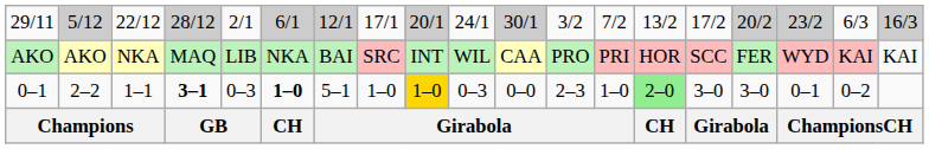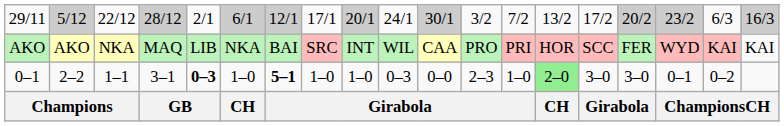 <table class="wikitable" style="font-size: 74%; text-align:center">
 <tr>
 <td>29/11</td>
 <td bgcolor=#cccccc>5/12</td>
 <td>22/12</td>
 <td bgcolor=#cccccc>28/12</td>
 <td>2/1</td>
 <td bgcolor=#cccccc>6/1</td>
 <td bgcolor=#cccccc>12/1</td>
 <td>17/1</td>
 <td bgcolor=#cccccc>20/1</td>
 <td>24/1</td>
 <td bgcolor=#cccccc>30/1</td>
 <td>3/2</td>
 <td>7/2</td>
 <td>13/2</td>
 <td>17/2</td>
 <td bgcolor=#cccccc>20/2</td>
 <td bgcolor=#cccccc>23/2</td>
 <td>6/3</td>
 <td bgcolor=#cccccc>16/3</td>
 </tr>
 <tr align=center>
 <td bgcolor=#bbf3bb>AKO</td>
 <td bgcolor=#ffffbb>AKO</td>
 <td bgcolor=#ffffbb>NKA</td>
 <td bgcolor=#bbf3bb>MAQ</td>
 <td bgcolor=#bbf3bb>LIB</td>
 <td bgcolor=#bbf3bb>NKA</td>
 <td bgcolor=#bbf3bb>BAI</td>
 <td bgcolor=#ffbbbb>SRC</td>
 <td bgcolor=#bbf3bb>INT</td>
 <td bgcolor=#bbf3bb>WIL</td>
 <td bgcolor=#ffffbb>CAA</td>
 <td bgcolor=#bbf3bb>PRO</td>
 <td bgcolor=#ffbbbb>PRI</td>
 <td bgcolor=#ffbbbb>HOR</td>
 <td bgcolor=#ffbbbb>SCC</td>
 <td bgcolor=#bbf3bb>FER</td>
 <td bgcolor=#ffbbbb>WYD</td>
 <td bgcolor=#ffbbbb>KAI</td>
 <td>KAI</td>
 </tr>
 <tr>
 <td align=center>0–1</td>
 <td>2–2</td>
 <td>1–1</td>
-<td><strong>3–1</strong></td>
-<td>0–3</td>
-<td><strong>1–0</strong></td>
-<td>5–1</td>
+<td>3–1</td>
+<td><strong>0–3</strong></td>
 <td>1–0</td>
-<td style="background: gold;">1–0</td>
+<td><strong>5–1</strong></td>
+<td>1–0</td>
+<td>1–0</td>
 <td>0–3</td>
 <td>0–0</td>
 <td>2–3</td>
 <td>1–0</td>
 <td style="background: lightgreen;">2–0</td>
 <td>3–0</td>
 <td>3–0</td>
 <td>0–1</td>
 <td>0–2</td>
 <td></td>
 </tr>
 <tr align=center>
 <th colspan=3>Champions</th>
 <th colspan=2>GB</th>
 <th>CH</th>
 <th colspan=7>Girabola</th>
 <th>CH</th>
 <th colspan=2>Girabola</th>
 <th colspan=3>ChampionsCH</th>
 </tr>
 </table>
